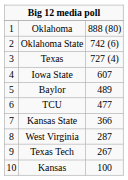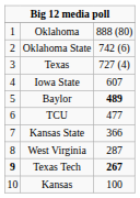 <table class="wikitable" style="display: inline-table;">
 <tr>
 <td align="center" Colspan="3"><strong>Big 12 media poll</strong></td>
 </tr>
 <tr align="center">
 </tr>
 <tr align="center">
 <td>1</td>
 <td>Oklahoma</td>
 <td>888 (80)</td>
 </tr>
 <tr align="center">
 <td>2</td>
 <td>Oklahoma State</td>
 <td>742 (6)</td>
 </tr>
 <tr align="center">
 <td>3</td>
 <td>Texas</td>
 <td>727 (4)</td>
 </tr>
 <tr align="center">
 <td>4</td>
 <td>Iowa State</td>
 <td>607</td>
 </tr>
 <tr align="center">
 <td>5</td>
 <td>Baylor</td>
-<td>489</td>
+<td><strong>489</strong></td>
 </tr>
 <tr align="center">
 <td>6</td>
 <td>TCU</td>
 <td>477</td>
 </tr>
 <tr align="center">
 <td>7</td>
 <td>Kansas State</td>
 <td>366</td>
 </tr>
 <tr align="center">
 <td>8</td>
 <td>West Virginia</td>
 <td>287</td>
 </tr>
 <tr align="center">
-<td>9</td>
+<td><strong>9</strong></td>
 <td>Texas Tech</td>
-<td>267</td>
+<td><strong>267</strong></td>
 </tr>
 <tr align="center">
 <td>10</td>
 <td>Kansas</td>
 <td>100</td>
 </tr>
 </table>
